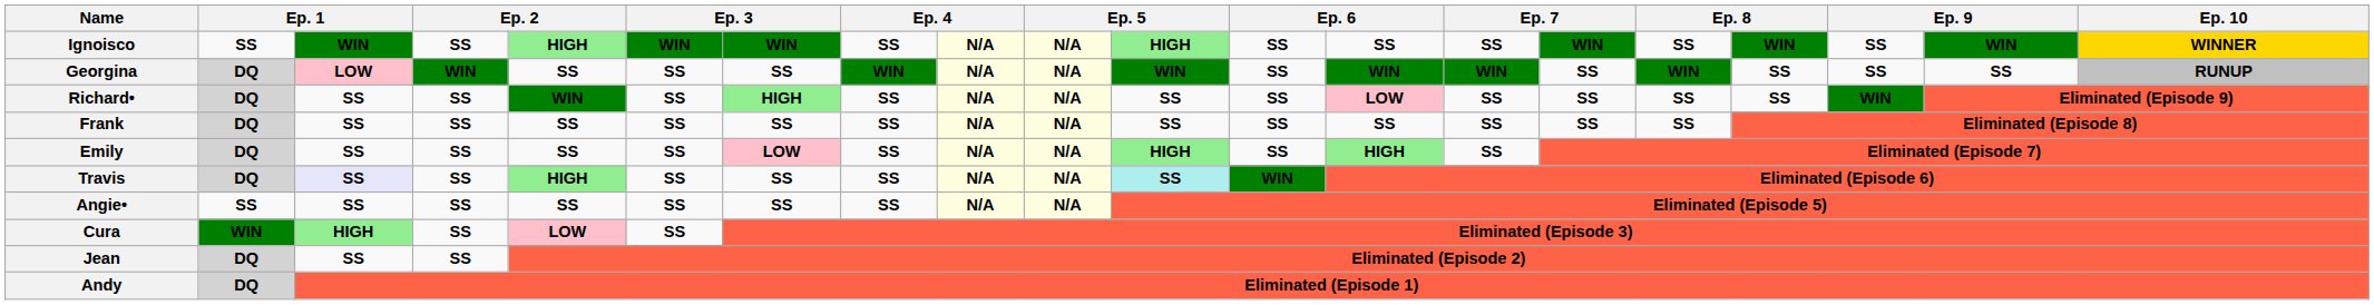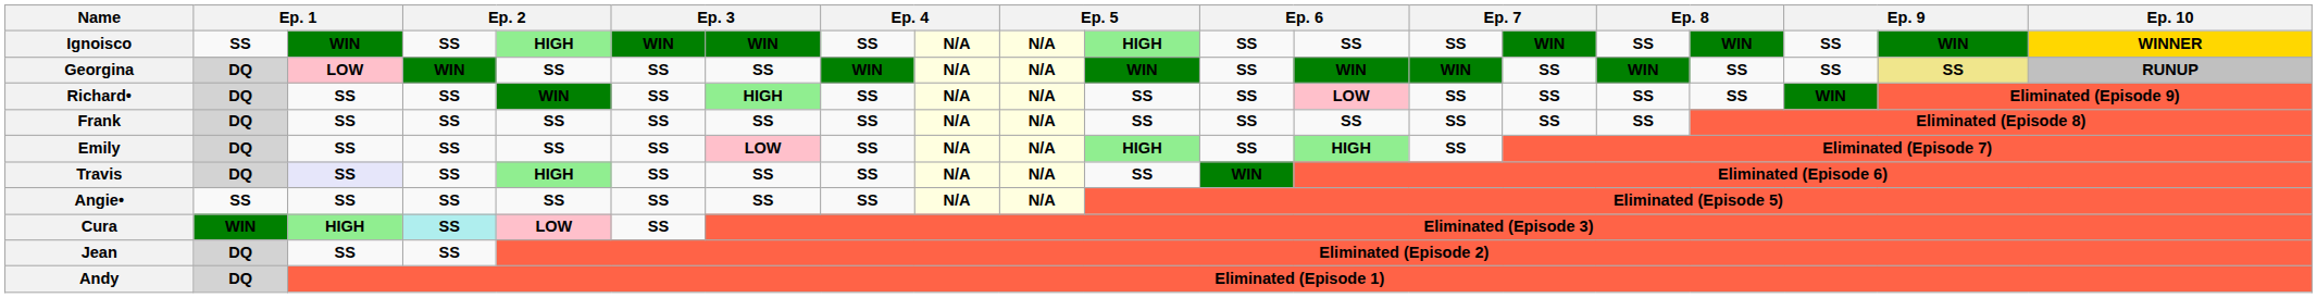 <table class="wikitable" style="width:100%; text-align:center; font-size: 85%; line-height:16px;">
 <tr>
 <th rowspan="1">Name</th>
 <th colspan="2">Ep. 1</th>
 <th colspan="2">Ep. 2</th>
 <th colspan="2">Ep. 3</th>
 <th colspan="2">Ep. 4</th>
 <th colspan="2">Ep. 5</th>
 <th colspan="2">Ep. 6</th>
 <th colspan="2">Ep. 7</th>
 <th colspan="2">Ep. 8</th>
 <th colspan="2">Ep. 9</th>
 <th colspan="1">Ep. 10</th>
 </tr>
 <tr>
 <th>Ignoisco</th>
 <td><strong>SS</strong></td>
 <td style="background:green;"><strong>WIN</strong></td>
 <td><strong>SS</strong></td>
 <td style="background:lightgreen;"><strong>HIGH</strong></td>
 <td style="background:green;"><strong>WIN</strong></td>
 <td style="background:green;"><strong>WIN</strong></td>
 <td><strong>SS</strong></td>
 <td style="background:lightyellow;"><strong>N/A</strong></td>
 <td style="background:lightyellow;"><strong>N/A</strong></td>
 <td style="background:lightgreen;"><strong>HIGH</strong></td>
 <td><strong>SS</strong></td>
 <td><strong>SS</strong></td>
 <td><strong>SS</strong></td>
 <td style="background:green;"><strong>WIN</strong></td>
 <td><strong>SS</strong></td>
 <td style="background:green;"><strong>WIN</strong></td>
 <td><strong>SS</strong></td>
 <td style="background:green;"><strong>WIN</strong></td>
 <td style="background:gold"><strong>WINNER</strong></td>
 </tr>
 <tr>
 <th>Georgina</th>
 <td style="background:lightgray;"><strong>DQ</strong></td>
 <td style="background:pink;"><strong>LOW</strong></td>
 <td style="background:green;"><strong>WIN</strong></td>
 <td><strong>SS</strong></td>
 <td><strong>SS</strong></td>
 <td><strong>SS</strong></td>
 <td style="background:green;"><strong>WIN</strong></td>
 <td style="background:lightyellow;"><strong>N/A</strong></td>
 <td style="background:lightyellow;"><strong>N/A</strong></td>
 <td style="background:green;"><strong>WIN</strong></td>
 <td><strong>SS</strong></td>
 <td style="background:green;"><strong>WIN</strong></td>
 <td style="background:green;"><strong>WIN</strong></td>
 <td><strong>SS</strong></td>
 <td style="background:green;"><strong>WIN</strong></td>
 <td><strong>SS</strong></td>
 <td><strong>SS</strong></td>
-<td><strong>SS</strong></td>
+<td style="background: khaki;"><strong>SS</strong></td>
 <td style="background:silver;"><strong>RUNUP</strong></td>
 </tr>
 <tr>
 <th>Richard•</th>
 <td style="background:lightgray;"><strong>DQ</strong></td>
 <td><strong>SS</strong></td>
 <td><strong>SS</strong></td>
 <td style="background:green;"><strong>WIN</strong></td>
 <td><strong>SS</strong></td>
 <td style="background:lightgreen;"><strong>HIGH</strong></td>
 <td><strong>SS</strong></td>
 <td style="background:lightyellow;"><strong>N/A</strong></td>
 <td style="background:lightyellow;"><strong>N/A</strong></td>
 <td><strong>SS</strong></td>
 <td><strong>SS</strong></td>
 <td style="background:pink;"><strong>LOW</strong></td>
 <td><strong>SS</strong></td>
 <td><strong>SS</strong></td>
 <td><strong>SS</strong></td>
 <td><strong>SS</strong></td>
 <td style="background:green;"><strong>WIN</strong></td>
 <td colspan="4" style="background:tomato;"><strong>Eliminated (Episode 9)</strong></td>
 </tr>
 <tr>
 <th>Frank</th>
 <td style="background:lightgray;"><strong>DQ</strong></td>
 <td><strong>SS</strong></td>
 <td><strong>SS</strong></td>
 <td><strong>SS</strong></td>
 <td><strong>SS</strong></td>
 <td><strong>SS</strong></td>
 <td><strong>SS</strong></td>
 <td style="background:lightyellow;"><strong>N/A</strong></td>
 <td style="background:lightyellow;"><strong>N/A</strong></td>
 <td><strong>SS</strong></td>
 <td><strong>SS</strong></td>
 <td><strong>SS</strong></td>
 <td><strong>SS</strong></td>
 <td><strong>SS</strong></td>
 <td><strong>SS</strong></td>
 <td colspan="5" style="background:tomato;"><strong>Eliminated (Episode 8)</strong></td>
 </tr>
 <tr>
 <th>Emily</th>
 <td style="background:lightgray;"><strong>DQ</strong></td>
 <td><strong>SS</strong></td>
 <td><strong>SS</strong></td>
 <td><strong>SS</strong></td>
 <td><strong>SS</strong></td>
 <td style="background:pink;"><strong>LOW</strong></td>
 <td><strong>SS</strong></td>
 <td style="background:lightyellow;"><strong>N/A</strong></td>
 <td style="background:lightyellow;"><strong>N/A</strong></td>
 <td style="background:lightgreen;"><strong>HIGH</strong></td>
 <td><strong>SS</strong></td>
 <td style="background:lightgreen;"><strong>HIGH</strong></td>
 <td><strong>SS</strong></td>
 <td colspan="6" style="background:tomato;"><strong>Eliminated (Episode 7)</strong></td>
 </tr>
 <tr>
 <th>Travis</th>
 <td style="background:lightgray;"><strong>DQ</strong></td>
 <td style="background: lavender;"><strong>SS</strong></td>
 <td><strong>SS</strong></td>
 <td style="background:lightgreen;"><strong>HIGH</strong></td>
 <td><strong>SS</strong></td>
 <td><strong>SS</strong></td>
 <td><strong>SS</strong></td>
 <td style="background:lightyellow;"><strong>N/A</strong></td>
 <td style="background:lightyellow;"><strong>N/A</strong></td>
-<td style="background: paleturquoise;"><strong>SS</strong></td>
+<td><strong>SS</strong></td>
 <td style="background:green;"><strong>WIN</strong></td>
 <td colspan="8" style="background:tomato;"><strong>Eliminated (Episode 6)</strong></td>
 </tr>
 <tr>
 <th>Angie•</th>
 <td><strong>SS</strong></td>
 <td><strong>SS</strong></td>
 <td><strong>SS</strong></td>
 <td><strong>SS</strong></td>
 <td><strong>SS</strong></td>
 <td><strong>SS</strong></td>
 <td><strong>SS</strong></td>
 <td style="background:lightyellow;"><strong>N/A</strong></td>
 <td style="background:lightyellow;"><strong>N/A</strong></td>
 <td colspan="10" style="background:tomato;"><strong>Eliminated (Episode 5)</strong></td>
 </tr>
 <tr>
 <th>Cura</th>
 <td style="background:green;"><strong>WIN</strong></td>
 <td style="background:lightgreen;"><strong>HIGH</strong></td>
-<td><strong>SS</strong></td>
+<td style="background: paleturquoise;"><strong>SS</strong></td>
 <td style="background:pink;"><strong>LOW</strong></td>
 <td><strong>SS</strong></td>
 <td colspan="14" style="background:tomato;"><strong>Eliminated (Episode 3)</strong></td>
 </tr>
 <tr>
 <th>Jean</th>
 <td style="background:lightgray;"><strong>DQ</strong></td>
 <td><strong>SS</strong></td>
 <td><strong>SS</strong></td>
 <td colspan="16" style="background:tomato;"><strong>Eliminated (Episode 2)</strong></td>
 </tr>
 <tr>
 <th>Andy</th>
 <td style="background:lightgray;"><strong>DQ</strong></td>
 <td colspan="18" style="background:tomato;"><strong>Eliminated (Episode 1)</strong></td>
 </tr>
 </table>
